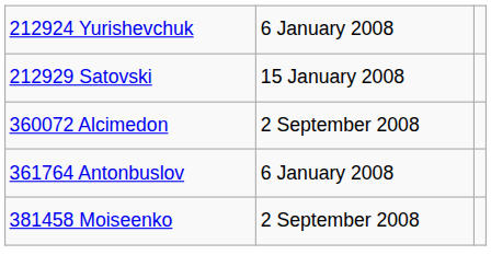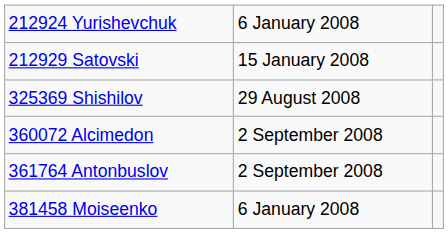 <table class="wikitable" style="float: left; width: 25em; margin-right: 1em; line-height: 1.65em !important; height:200px">
 <tr>
 <td><a href='#'>212924 Yurishevchuk</a></td>
 <td>6 January 2008</td>
 <td></td>
 </tr>
 <tr>
 <td><a href='#'>212929 Satovski</a></td>
 <td>15 January 2008</td>
 <td></td>
 </tr>
 <tr>
+<td><a href='#'>325369 Shishilov</a></td>
+<td>29 August 2008</td>
+<td></td>
+</tr>
+<tr>
 <td><a href='#'>360072 Alcimedon</a></td>
 <td>2 September 2008</td>
 <td></td>
 </tr>
 <tr>
 <td><a href='#'>361764 Antonbuslov</a></td>
-<td>6 January 2008</td>
+<td>2 September 2008</td>
 <td></td>
 </tr>
 <tr>
 <td><a href='#'>381458 Moiseenko</a></td>
-<td>2 September 2008</td>
+<td>6 January 2008</td>
 <td></td>
 </tr>
 </table>
